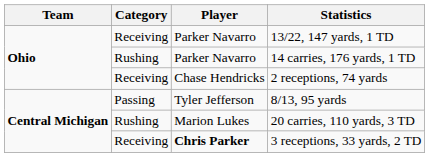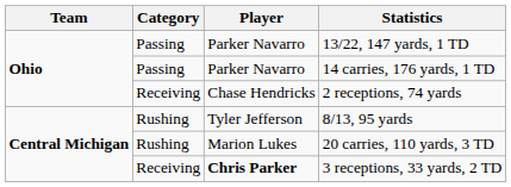 <table class="wikitable" style="float: right;">
 <tr>
 <th>Team</th>
 <th>Category</th>
 <th>Player</th>
 <th>Statistics</th>
 </tr>
 <tr>
 <td rowspan=3><strong>Ohio</strong></td>
-<td>Receiving</td>
+<td>Passing</td>
 <td>Parker Navarro</td>
 <td>13/22,  147 yards, 1 TD</td>
 </tr>
 <tr>
-<td>Rushing</td>
+<td>Passing</td>
 <td>Parker Navarro</td>
 <td>14 carries, 176 yards, 1 TD</td>
 </tr>
 <tr>
 <td>Receiving</td>
 <td>Chase Hendricks</td>
 <td>2 receptions, 74 yards</td>
 </tr>
 <tr>
 <td rowspan=3><strong>Central Michigan</strong></td>
-<td>Passing</td>
+<td>Rushing</td>
 <td>Tyler Jefferson</td>
 <td>8/13,  95 yards</td>
 </tr>
 <tr>
 <td>Rushing</td>
 <td>Marion Lukes</td>
 <td>20 carries, 110 yards, 3 TD</td>
 </tr>
 <tr>
 <td>Receiving</td>
 <td><strong>Chris Parker</strong></td>
 <td>3 receptions, 33 yards, 2 TD</td>
 </tr>
 </table>
